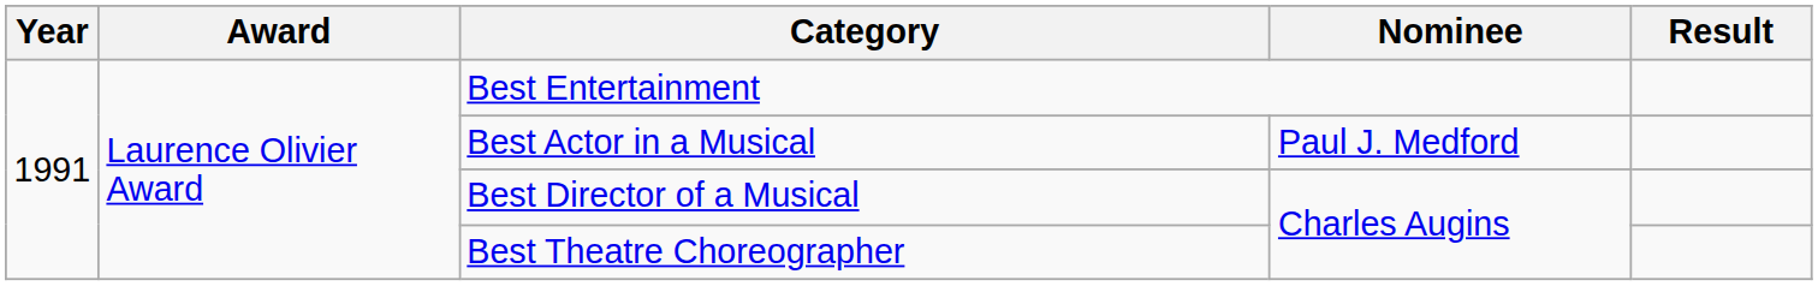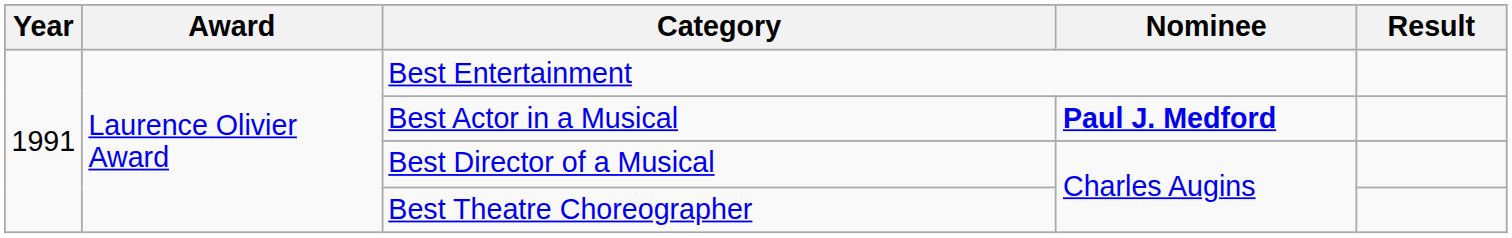 <table class="wikitable" width="95%">
 <tr>
 <th width="5%">Year</th>
 <th width="20%">Award</th>
 <th width="45%">Category</th>
 <th width="20%">Nominee</th>
 <th width="10%">Result</th>
 </tr>
 <tr>
 <td rowspan="4" align="center">1991</td>
 <td rowspan="4"><a href='#'>Laurence Olivier Award</a></td>
 <td colspan="2"><a href='#'>Best Entertainment</a></td>
 <td></td>
 </tr>
 <tr>
 <td><a href='#'>Best Actor in a Musical</a></td>
-<td><a href='#'>Paul J. Medford</a></td>
+<td><strong><a href='#'>Paul J. Medford</a></strong></td>
 <td></td>
 </tr>
 <tr>
 <td><a href='#'>Best Director of a Musical</a></td>
 <td rowspan="2"><a href='#'>Charles Augins</a></td>
 <td></td>
 </tr>
 <tr>
 <td><a href='#'>Best Theatre Choreographer</a></td>
 <td></td>
 </tr>
 </table>
